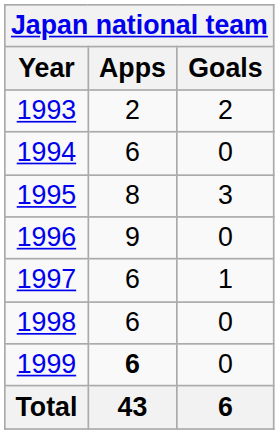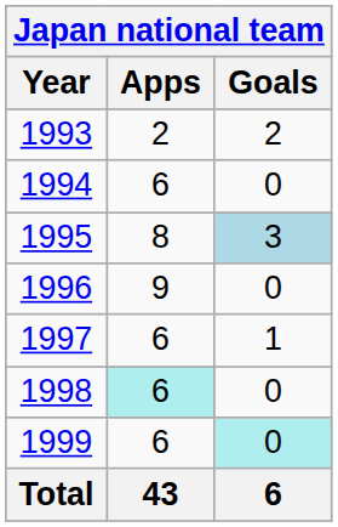 <table class="wikitable" style="text-align:center">
 <tr>
 <th colspan=3><a href='#'>Japan national team</a></th>
 </tr>
 <tr>
 <th>Year</th>
 <th>Apps</th>
 <th>Goals</th>
 </tr>
 <tr>
 <td><a href='#'>1993</a></td>
 <td>2</td>
 <td>2</td>
 </tr>
 <tr>
 <td><a href='#'>1994</a></td>
 <td>6</td>
 <td>0</td>
 </tr>
 <tr>
 <td><a href='#'>1995</a></td>
 <td>8</td>
-<td>3</td>
+<td style="background: lightblue;">3</td>
 </tr>
 <tr>
 <td><a href='#'>1996</a></td>
 <td>9</td>
 <td>0</td>
 </tr>
 <tr>
 <td><a href='#'>1997</a></td>
 <td>6</td>
 <td>1</td>
 </tr>
 <tr>
 <td><a href='#'>1998</a></td>
-<td>6</td>
+<td style="background: paleturquoise;">6</td>
 <td>0</td>
 </tr>
 <tr>
 <td><a href='#'>1999</a></td>
-<td><strong>6</strong></td>
-<td>0</td>
+<td>6</td>
+<td style="background: paleturquoise;">0</td>
 </tr>
 <tr>
 <th>Total</th>
 <th>43</th>
 <th>6</th>
 </tr>
 </table>
